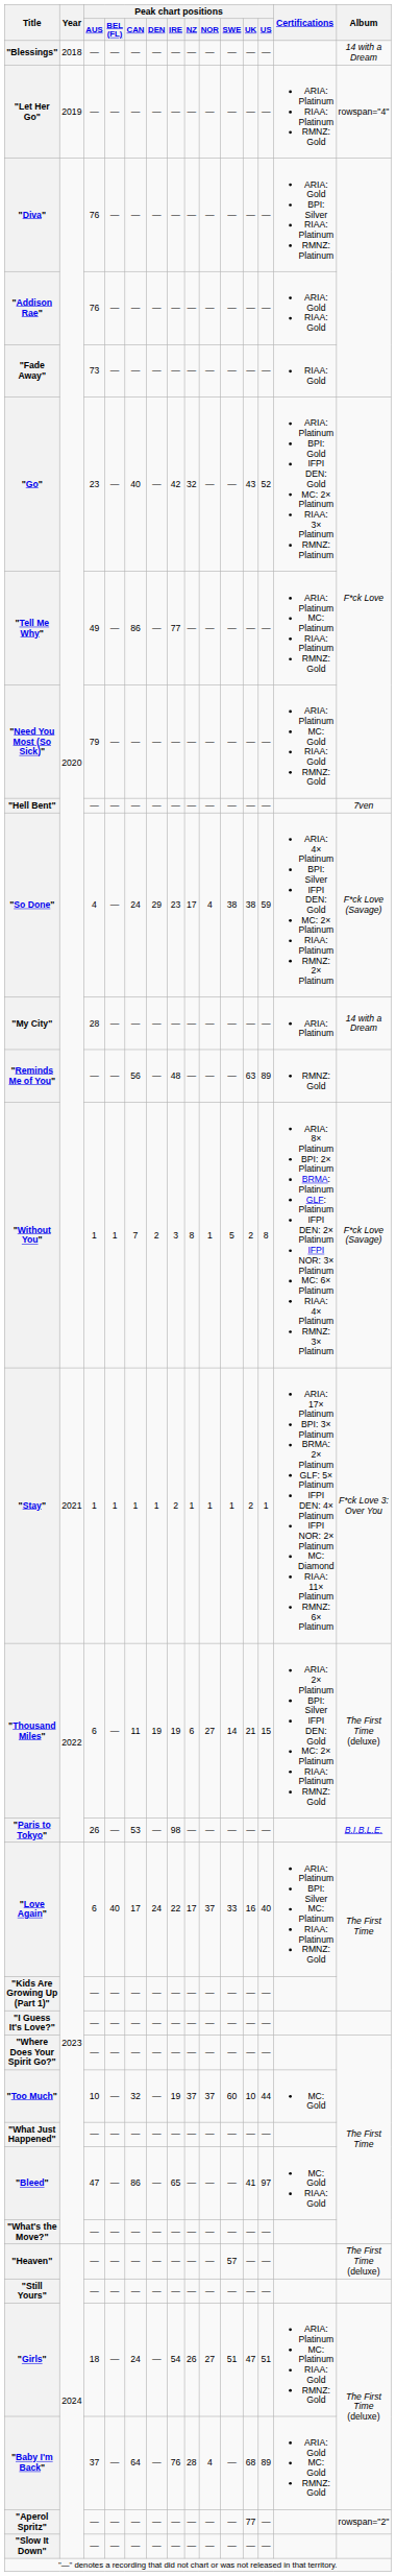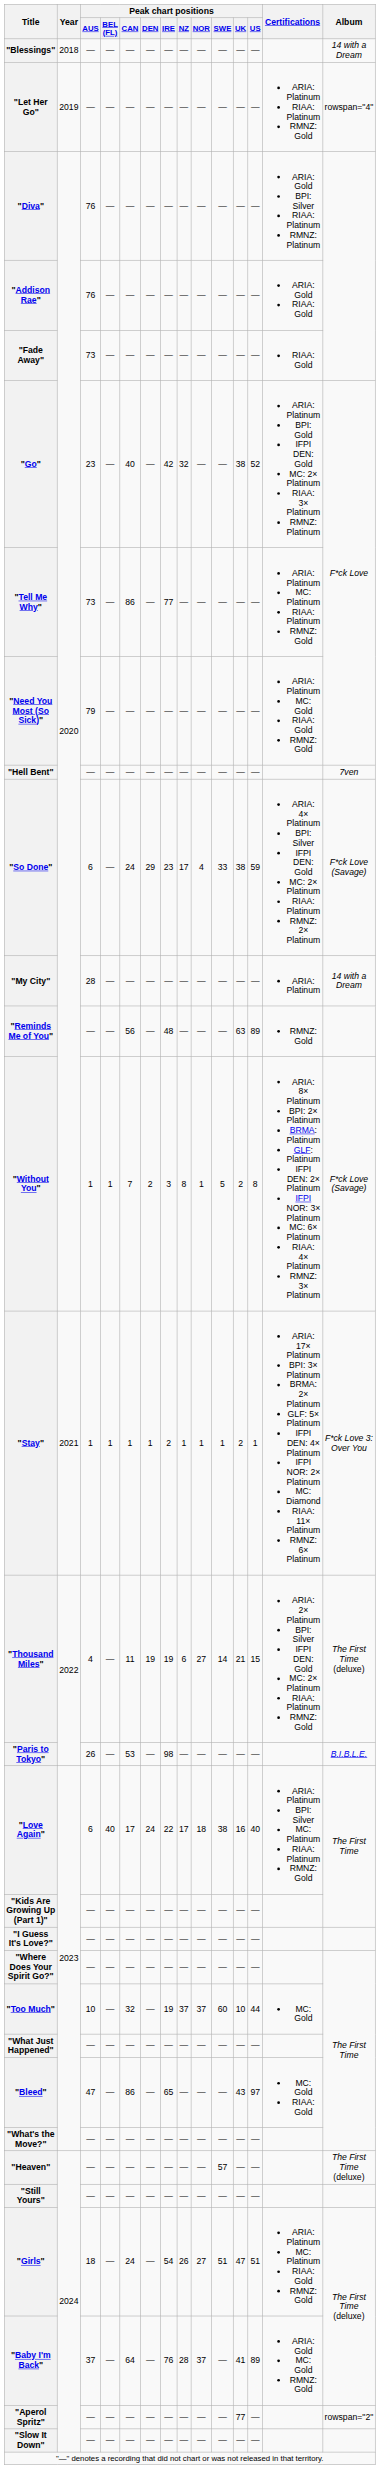 <table class="wikitable plainrowheaders" style="text-align:center;">
 <tr>
 <th scope="col" rowspan="2">Title</th>
 <th scope="col" rowspan="2">Year</th>
 <th scope="col" colspan="10">Peak chart positions</th>
 <th scope="col" rowspan="2" style="width:13.5em;"><a href='#'>Certifications</a></th>
 <th scope="col" rowspan="2">Album</th>
 </tr>
 <tr>
 <th scope="col" style="width:3em;font-size:90%;"><a href='#'>AUS</a><br></th>
 <th scope="col" style="width:3em;font-size:90%;"><a href='#'>BEL<br>(FL)</a><br></th>
 <th scope="col" style="width:3em;font-size:90%;"><a href='#'>CAN</a><br></th>
 <th scope="col" style="width:3em;font-size:90%;"><a href='#'>DEN</a><br></th>
 <th scope="col" style="width:3em;font-size:90%;"><a href='#'>IRE</a><br></th>
 <th scope="col" style="width:3em;font-size:90%;"><a href='#'>NZ</a><br></th>
 <th scope="col" style="width:3em;font-size:90%;"><a href='#'>NOR</a><br></th>
 <th scope="col" style="width:3em;font-size:90%;"><a href='#'>SWE</a><br></th>
 <th scope="col" style="width:3em;font-size:90%;"><a href='#'>UK</a><br></th>
 <th scope="col" style="width:3em;font-size:90%;"><a href='#'>US</a><br></th>
 </tr>
 <tr>
 <th scope="row">"Blessings"</th>
 <td>2018</td>
 <td>—</td>
 <td>—</td>
 <td>—</td>
 <td>—</td>
 <td>—</td>
 <td>—</td>
 <td>—</td>
 <td>—</td>
 <td>—</td>
 <td>—</td>
 <td></td>
 <td><em>14 with a Dream</em></td>
 </tr>
 <tr>
 <th scope="row">"Let Her Go"</th>
 <td>2019</td>
 <td>—</td>
 <td>—</td>
 <td>—</td>
 <td>—</td>
 <td>—</td>
 <td>—</td>
 <td>—</td>
 <td>—</td>
 <td>—</td>
 <td>—</td>
 <td><br><ul><li>ARIA: Platinum</li><li>RIAA: Platinum</li><li>RMNZ: Gold</li></ul></td>
 <td>rowspan="4" </td>
 </tr>
 <tr>
 <th scope="row">"<a href='#'>Diva</a>"<br></th>
 <td rowspan="11">2020</td>
 <td>76</td>
 <td>—</td>
 <td>—</td>
 <td>—</td>
 <td>—</td>
 <td>—</td>
 <td>—</td>
 <td>—</td>
 <td>—</td>
 <td>—</td>
 <td><br><ul><li>ARIA: Gold</li><li>BPI: Silver</li><li>RIAA: Platinum</li><li>RMNZ: Platinum</li></ul></td>
 </tr>
 <tr>
 <th scope="row">"<a href='#'>Addison Rae</a>"</th>
 <td>76</td>
 <td>—</td>
 <td>—</td>
 <td>—</td>
 <td>—</td>
 <td>—</td>
 <td>—</td>
 <td>—</td>
 <td>—</td>
 <td>—</td>
 <td><br><ul><li>ARIA: Gold</li><li>RIAA: Gold</li></ul></td>
 </tr>
 <tr>
 <th scope="row">"Fade Away"<br></th>
 <td>73</td>
 <td>—</td>
 <td>—</td>
 <td>—</td>
 <td>—</td>
 <td>—</td>
 <td>—</td>
 <td>—</td>
 <td>—</td>
 <td>—</td>
 <td><br><ul><li>RIAA: Gold</li></ul></td>
 </tr>
 <tr>
 <th scope="row">"<a href='#'>Go</a>"<br></th>
 <td>23</td>
 <td>—</td>
 <td>40</td>
 <td>—</td>
 <td>42</td>
 <td>32</td>
 <td>—</td>
 <td>—</td>
-<td>43</td>
+<td>38</td>
 <td>52</td>
 <td><br><ul><li>ARIA: Platinum</li><li>BPI: Gold</li><li>IFPI DEN: Gold</li><li>MC: 2× Platinum</li><li>RIAA: 3× Platinum</li><li>RMNZ: Platinum</li></ul></td>
 <td rowspan="3"><em>F*ck Love</em></td>
 </tr>
 <tr>
 <th scope="row">"<a href='#'>Tell Me Why</a>"</th>
-<td>49</td>
+<td>73</td>
 <td>—</td>
 <td>86</td>
 <td>—</td>
 <td>77</td>
 <td>—</td>
 <td>—</td>
 <td>—</td>
 <td>—</td>
 <td>—</td>
 <td><br><ul><li>ARIA: Platinum</li><li>MC: Platinum</li><li>RIAA: Platinum</li><li>RMNZ: Gold</li></ul></td>
 </tr>
 <tr>
 <th scope="row">"<a href='#'>Need You Most (So Sick)</a>"</th>
 <td>79</td>
 <td>—</td>
 <td>—</td>
 <td>—</td>
 <td>—</td>
 <td>—</td>
 <td>—</td>
 <td>—</td>
 <td>—</td>
 <td>—</td>
 <td><br><ul><li>ARIA: Platinum</li><li>MC: Gold</li><li>RIAA: Gold</li><li>RMNZ: Gold</li></ul></td>
 </tr>
 <tr>
 <th scope="row">"Hell Bent"<br></th>
 <td>—</td>
 <td>—</td>
 <td>—</td>
 <td>—</td>
 <td>—</td>
 <td>—</td>
 <td>—</td>
 <td>—</td>
 <td>—</td>
 <td>—</td>
 <td></td>
 <td><em>7ven</em></td>
 </tr>
 <tr>
 <th scope="row">"<a href='#'>So Done</a>"</th>
-<td>4</td>
+<td>6</td>
 <td>—</td>
 <td>24</td>
 <td>29</td>
 <td>23</td>
 <td>17</td>
 <td>4</td>
-<td>38</td>
+<td>33</td>
 <td>38</td>
 <td>59</td>
 <td><br><ul><li>ARIA: 4× Platinum</li><li>BPI: Silver</li><li>IFPI DEN: Gold</li><li>MC: 2× Platinum</li><li>RIAA: Platinum</li><li>RMNZ: 2× Platinum</li></ul></td>
 <td><em>F*ck Love (Savage)</em></td>
 </tr>
 <tr>
 <th scope="row">"My City"<br></th>
 <td>28</td>
 <td>—</td>
 <td>—</td>
 <td>—</td>
 <td>—</td>
 <td>—</td>
 <td>—</td>
 <td>—</td>
 <td>—</td>
 <td>—</td>
 <td><br><ul><li>ARIA: Platinum</li></ul></td>
 <td><em>14 with a Dream</em></td>
 </tr>
 <tr>
 <th scope="row">"<a href='#'>Reminds Me of You</a>"<br></th>
 <td>—</td>
 <td>—</td>
 <td>56</td>
 <td>—</td>
 <td>48</td>
 <td>—</td>
 <td>—</td>
 <td>—</td>
 <td>63</td>
 <td>89</td>
 <td><br><ul><li>RMNZ: Gold</li></ul></td>
 <td></td>
 </tr>
 <tr>
 <th scope="row">"<a href='#'>Without You</a>"<br></th>
 <td>1</td>
 <td>1</td>
 <td>7</td>
 <td>2</td>
 <td>3</td>
 <td>8</td>
 <td>1</td>
 <td>5</td>
 <td>2</td>
 <td>8</td>
 <td><br><ul><li>ARIA: 8× Platinum</li><li>BPI: 2× Platinum</li><li><a href='#'>BRMA</a>: Platinum</li><li><a href='#'>GLF</a>: Platinum</li><li>IFPI DEN: 2× Platinum</li><li><a href='#'>IFPI</a> NOR: 3× Platinum</li><li>MC: 6× Platinum</li><li>RIAA: 4× Platinum</li><li>RMNZ: 3× Platinum</li></ul></td>
 <td><em>F*ck Love (Savage)</em></td>
 </tr>
 <tr>
 <th scope="row">"<a href='#'>Stay</a>"<br></th>
 <td>2021</td>
 <td>1</td>
 <td>1</td>
 <td>1</td>
 <td>1</td>
 <td>2</td>
 <td>1</td>
 <td>1</td>
 <td>1</td>
 <td>2</td>
 <td>1</td>
 <td><br><ul><li>ARIA: 17× Platinum</li><li>BPI: 3× Platinum</li><li>BRMA: 2× Platinum</li><li>GLF: 5× Platinum</li><li>IFPI DEN: 4× Platinum</li><li>IFPI NOR: 2× Platinum</li><li>MC: Diamond</li><li>RIAA: 11× Platinum</li><li>RMNZ: 6× Platinum</li></ul></td>
 <td><em>F*ck Love 3: Over You</em></td>
 </tr>
 <tr>
 <th scope="row">"<a href='#'>Thousand Miles</a>"</th>
 <td rowspan="2">2022</td>
-<td>6</td>
+<td>4</td>
 <td>—</td>
 <td>11</td>
 <td>19</td>
 <td>19</td>
 <td>6</td>
 <td>27</td>
 <td>14</td>
 <td>21</td>
 <td>15</td>
 <td><br><ul><li>ARIA: 2× Platinum</li><li>BPI: Silver</li><li>IFPI DEN: Gold</li><li>MC: 2× Platinum</li><li>RIAA: Platinum</li><li>RMNZ: Gold</li></ul></td>
 <td><em>The First Time</em> (deluxe)</td>
 </tr>
 <tr>
 <th scope="row">"<a href='#'>Paris to Tokyo</a>"<br></th>
 <td>26</td>
 <td>—</td>
 <td>53</td>
 <td>—</td>
 <td>98</td>
 <td>—</td>
 <td>—</td>
 <td>—</td>
 <td>—</td>
 <td>—</td>
 <td></td>
 <td><em><a href='#'>B.I.B.L.E.</a></em></td>
 </tr>
 <tr>
 <th scope="row">"<a href='#'>Love Again</a>"</th>
 <td rowspan="8">2023</td>
 <td>6</td>
 <td>40</td>
 <td>17</td>
 <td>24</td>
 <td>22</td>
 <td>17</td>
-<td>37</td>
-<td>33</td>
+<td>18</td>
+<td>38</td>
 <td>16</td>
 <td>40</td>
 <td><br><ul><li>ARIA: Platinum</li><li>BPI: Silver</li><li>MC: Platinum</li><li>RIAA: Platinum</li><li>RMNZ: Gold</li></ul></td>
 <td rowspan="2"><em>The First Time</em></td>
 </tr>
 <tr>
 <th scope="row">"Kids Are Growing Up (Part 1)"</th>
 <td>—</td>
 <td>—</td>
 <td>—</td>
 <td>—</td>
 <td>—</td>
 <td>—</td>
 <td>—</td>
 <td>—</td>
 <td>—</td>
 <td>—</td>
 <td></td>
 </tr>
 <tr>
 <th scope="row">"I Guess It's Love?"</th>
 <td>—</td>
 <td>—</td>
 <td>—</td>
 <td>—</td>
 <td>—</td>
 <td>—</td>
 <td>—</td>
 <td>—</td>
 <td>—</td>
 <td>—</td>
 <td></td>
 <td></td>
 </tr>
 <tr>
 <th scope="row">"Where Does Your Spirit Go?"</th>
 <td>—</td>
 <td>—</td>
 <td>—</td>
 <td>—</td>
 <td>—</td>
 <td>—</td>
 <td>—</td>
 <td>—</td>
 <td>—</td>
 <td>—</td>
 <td></td>
 <td rowspan="5"><em>The First Time</em></td>
 </tr>
 <tr>
 <th scope="row">"<a href='#'>Too Much</a>"<br></th>
 <td>10</td>
 <td>—</td>
 <td>32</td>
 <td>—</td>
 <td>19</td>
 <td>37</td>
 <td>37</td>
 <td>60</td>
 <td>10</td>
 <td>44</td>
 <td><br><ul><li>MC: Gold</li></ul></td>
 </tr>
 <tr>
 <th scope="row">"What Just Happened"</th>
 <td>—</td>
 <td>—</td>
 <td>—</td>
 <td>—</td>
 <td>—</td>
 <td>—</td>
 <td>—</td>
 <td>—</td>
 <td>—</td>
 <td>—</td>
 <td></td>
 </tr>
 <tr>
 <th scope="row">"<a href='#'>Bleed</a>"</th>
 <td>47</td>
 <td>—</td>
 <td>86</td>
 <td>—</td>
 <td>65</td>
 <td>—</td>
 <td>—</td>
 <td>—</td>
-<td>41</td>
+<td>43</td>
 <td>97</td>
 <td><br><ul><li>MC: Gold</li><li>RIAA: Gold</li></ul></td>
 </tr>
 <tr>
 <th scope="row">"What's the Move?"<br></th>
 <td>—</td>
 <td>—</td>
 <td>—</td>
 <td>—</td>
 <td>—</td>
 <td>—</td>
 <td>—</td>
 <td>—</td>
 <td>—</td>
 <td>—</td>
 <td></td>
 </tr>
 <tr>
 <th scope="row">"Heaven"</th>
 <td rowspan="6">2024</td>
 <td>—</td>
 <td>—</td>
 <td>—</td>
 <td>—</td>
 <td>—</td>
 <td>—</td>
 <td>—</td>
 <td>57</td>
 <td>—</td>
 <td>—</td>
 <td></td>
 <td><em>The First Time</em> (deluxe)</td>
 </tr>
 <tr>
 <th scope="row">"Still Yours"</th>
 <td>—</td>
 <td>—</td>
 <td>—</td>
 <td>—</td>
 <td>—</td>
 <td>—</td>
 <td>—</td>
 <td>—</td>
 <td>—</td>
 <td>—</td>
 <td></td>
 <td></td>
 </tr>
 <tr>
 <th scope="row">"<a href='#'>Girls</a>"</th>
 <td>18</td>
 <td>—</td>
 <td>24</td>
 <td>—</td>
 <td>54</td>
 <td>26</td>
 <td>27</td>
 <td>51</td>
 <td>47</td>
 <td>51</td>
 <td><br><ul><li>ARIA: Platinum</li><li>MC: Platinum</li><li>RIAA: Gold</li><li>RMNZ: Gold</li></ul></td>
 <td rowspan="2"><em>The First Time</em> (deluxe)</td>
 </tr>
 <tr>
 <th scope="row">"<a href='#'>Baby I'm Back</a>"</th>
 <td>37</td>
 <td>—</td>
 <td>64</td>
 <td>—</td>
 <td>76</td>
 <td>28</td>
-<td>4</td>
+<td>37</td>
 <td>—</td>
-<td>68</td>
+<td>41</td>
 <td>89</td>
 <td><br><ul><li>ARIA: Gold</li><li>MC: Gold</li><li>RMNZ: Gold</li></ul></td>
 </tr>
 <tr>
 <th scope="row">"Aperol Spritz"</th>
 <td>—</td>
 <td>—</td>
 <td>—</td>
 <td>—</td>
 <td>—</td>
 <td>—</td>
 <td>—</td>
 <td>—</td>
 <td>77</td>
 <td>—</td>
 <td></td>
 <td>rowspan="2" </td>
 </tr>
 <tr>
 <th scope="row">"Slow It Down"<br></th>
 <td>—</td>
 <td>—</td>
 <td>—</td>
 <td>—</td>
 <td>—</td>
 <td>—</td>
 <td>—</td>
 <td>—</td>
 <td>—</td>
 <td>—</td>
 <td></td>
 </tr>
 <tr>
 <td colspan="14" style="font-size:90%">"—" denotes a recording that did not chart or was not released in that territory.</td>
 </tr>
 </table>
